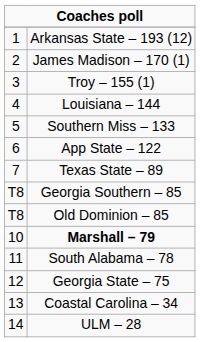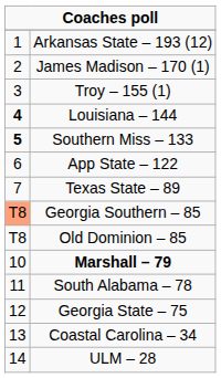 <table class="wikitable" style="display: inline-table;">
 <tr>
 <td align="center" Colspan="3"><strong>Coaches poll</strong></td>
 </tr>
 <tr align="center">
 </tr>
 <tr align="center">
 <td>1</td>
 <td>Arkansas State – 193 (12)</td>
 </tr>
 <tr align="center">
 <td>2</td>
 <td>James Madison – 170 (1)</td>
 </tr>
 <tr align="center">
 <td>3</td>
 <td>Troy – 155 (1)</td>
 </tr>
 <tr align="center">
-<td>4</td>
+<td><strong>4</strong></td>
 <td>Louisiana – 144</td>
 </tr>
 <tr align="center">
-<td>5</td>
+<td><strong>5</strong></td>
 <td>Southern Miss – 133</td>
 </tr>
 <tr align="center">
 <td>6</td>
 <td>App State – 122</td>
 </tr>
 <tr align="center">
 <td>7</td>
 <td>Texas State – 89</td>
 </tr>
 <tr align="center">
-<td>T8</td>
+<td style="background: lightsalmon;">T8</td>
 <td>Georgia Southern – 85</td>
 </tr>
 <tr align="center">
 <td>T8</td>
 <td>Old Dominion – 85</td>
 </tr>
 <tr align="center">
 <td>10</td>
 <td><strong>Marshall – 79</strong></td>
 </tr>
 <tr align="center">
 <td>11</td>
 <td>South Alabama – 78</td>
 </tr>
 <tr align="center">
 <td>12</td>
 <td>Georgia State – 75</td>
 </tr>
 <tr align="center">
 <td>13</td>
 <td>Coastal Carolina – 34</td>
 </tr>
 <tr align="center">
 <td>14</td>
 <td>ULM – 28</td>
 </tr>
 </table>
